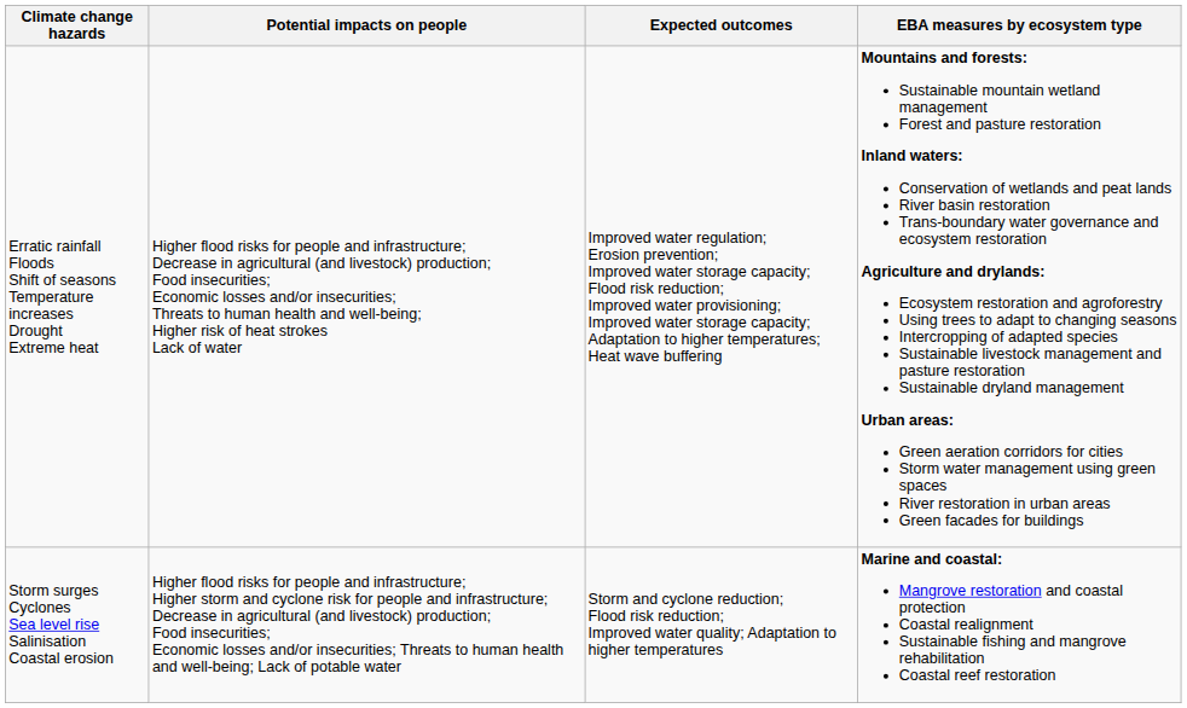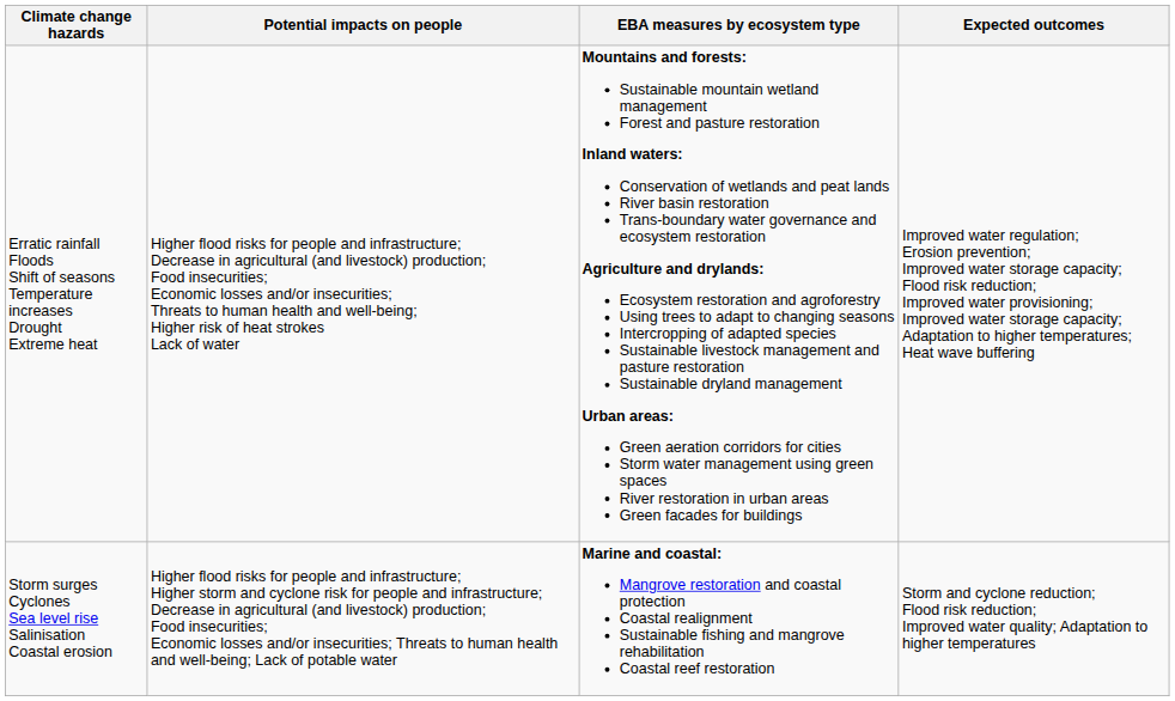 <table class="wikitable">
 <tr>
 <th>Climate change hazards</th>
 <th>Potential impacts on people</th>
+<th>EBA measures by ecosystem type</th>
 <th>Expected outcomes</th>
-<th>EBA measures by ecosystem type</th>
 </tr>
 <tr>
 <td>Erratic rainfall<br>Floods<br>Shift of seasons<br>Temperature increases<br>Drought<br>Extreme heat</td>
 <td>Higher flood risks for people and infrastructure;<br>Decrease in agricultural (and livestock) production;<br>Food insecurities;<br>Economic losses and/or insecurities;<br>Threats to human health and well-being;<br>Higher risk of heat strokes<br>Lack of water</td>
+<td><strong>Mountains and forests:</strong><br><ul><li>Sustainable mountain wetland management</li><li>Forest and pasture restoration</li></ul><strong>Inland waters:</strong><ul><li>Conservation of wetlands and peat lands</li><li>River basin restoration</li><li>Trans-boundary water governance and ecosystem restoration</li></ul><strong>Agriculture and drylands:</strong><ul><li>Ecosystem restoration and agroforestry</li><li>Using trees to adapt to changing seasons</li><li>Intercropping of adapted species</li><li>Sustainable livestock management and pasture restoration</li><li>Sustainable dryland management</li></ul><strong>Urban areas:</strong><ul><li>Green aeration corridors for cities</li><li>Storm water management using green spaces</li><li>River restoration in urban areas</li><li>Green facades for buildings</li></ul></td>
 <td>Improved water regulation;<br>Erosion prevention;<br>Improved water storage capacity;<br>Flood risk reduction;<br>Improved water provisioning;<br>Improved water storage capacity;<br>Adaptation to higher temperatures; Heat wave buffering</td>
-<td><strong>Mountains and forests:</strong><br><ul><li>Sustainable mountain wetland management</li><li>Forest and pasture restoration</li></ul><strong>Inland waters:</strong><ul><li>Conservation of wetlands and peat lands</li><li>River basin restoration</li><li>Trans-boundary water governance and ecosystem restoration</li></ul><strong>Agriculture and drylands:</strong><ul><li>Ecosystem restoration and agroforestry</li><li>Using trees to adapt to changing seasons</li><li>Intercropping of adapted species</li><li>Sustainable livestock management and pasture restoration</li><li>Sustainable dryland management</li></ul><strong>Urban areas:</strong><ul><li>Green aeration corridors for cities</li><li>Storm water management using green spaces</li><li>River restoration in urban areas</li><li>Green facades for buildings</li></ul></td>
 </tr>
 <tr>
 <td>Storm surges<br>Cyclones<br><a href='#'>Sea level rise</a><br>Salinisation<br>Coastal erosion</td>
 <td>Higher flood risks for people and infrastructure;<br>Higher storm and cyclone risk for people and infrastructure;<br>Decrease in agricultural (and livestock) production;<br>Food insecurities;<br>Economic losses and/or insecurities; Threats to human health and well-being; Lack of potable water</td>
+<td><strong>Marine and coastal:</strong><br><ul><li><a href='#'>Mangrove restoration</a> and coastal protection</li><li>Coastal realignment</li><li>Sustainable fishing and mangrove rehabilitation</li><li>Coastal reef restoration</li></ul></td>
 <td>Storm and cyclone reduction;<br>Flood risk reduction;<br>Improved water quality; Adaptation to higher temperatures</td>
-<td><strong>Marine and coastal:</strong><br><ul><li><a href='#'>Mangrove restoration</a> and coastal protection</li><li>Coastal realignment</li><li>Sustainable fishing and mangrove rehabilitation</li><li>Coastal reef restoration</li></ul></td>
 </tr>
 </table>
